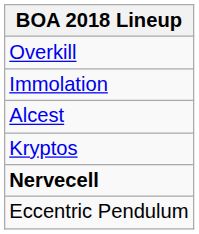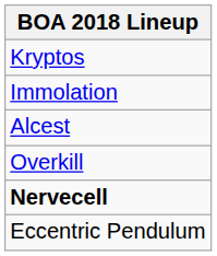 <table class="wikitable">
 <tr>
 <th>BOA 2018 Lineup</th>
 </tr>
 <tr>
-<td><a href='#'>Overkill</a></td>
+<td><a href='#'>Kryptos</a></td>
 </tr>
 <tr>
 <td><a href='#'>Immolation</a></td>
 </tr>
 <tr>
 <td><a href='#'>Alcest</a></td>
 </tr>
 <tr>
-<td><a href='#'>Kryptos</a></td>
+<td><a href='#'>Overkill</a></td>
 </tr>
 <tr>
 <td><strong>Nervecell</strong></td>
 </tr>
 <tr>
 <td>Eccentric Pendulum</td>
 </tr>
 </table>
